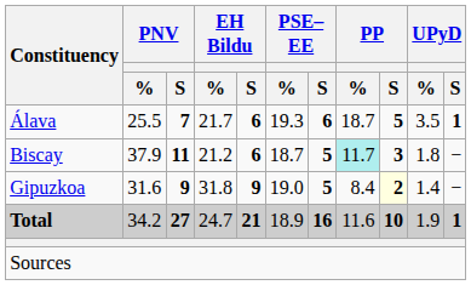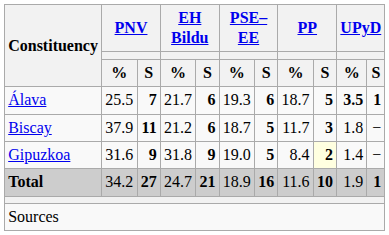 <table class="wikitable sortable" style="text-align:right; line-height:20px;">
 <tr>
 <th rowspan="3">Constituency</th>
 <th colspan="2" width="30px" class="unsortable"><a href='#'>PNV</a></th>
 <th colspan="2" width="30px" class="unsortable"><a href='#'>EH Bildu</a></th>
 <th colspan="2" width="30px" class="unsortable"><a href='#'>PSE–EE</a></th>
 <th colspan="2" width="30px" class="unsortable"><a href='#'>PP</a></th>
 <th colspan="2" width="30px" class="unsortable"><a href='#'>UPyD</a></th>
 </tr>
 <tr>
 <th colspan="2" style="background:"></th>
 <th colspan="2" style="background:"></th>
 <th colspan="2" style="background:"></th>
 <th colspan="2" style="background:"></th>
 <th colspan="2" style="background:"></th>
 </tr>
 <tr>
 <th data-sort-type="number">%</th>
 <th data-sort-type="number">S</th>
 <th data-sort-type="number">%</th>
 <th data-sort-type="number">S</th>
 <th data-sort-type="number">%</th>
 <th data-sort-type="number">S</th>
 <th data-sort-type="number">%</th>
 <th data-sort-type="number">S</th>
 <th data-sort-type="number">%</th>
 <th data-sort-type="number">S</th>
 </tr>
 <tr>
 <td align="left"><a href='#'>Álava</a></td>
 <td style="background:">25.5</td>
 <td><strong>7</strong></td>
 <td>21.7</td>
 <td><strong>6</strong></td>
 <td>19.3</td>
 <td><strong>6</strong></td>
 <td>18.7</td>
 <td><strong>5</strong></td>
-<td>3.5</td>
+<td><strong>3.5</strong></td>
 <td><strong>1</strong></td>
 </tr>
 <tr>
 <td align="left"><a href='#'>Biscay</a></td>
 <td style="background:">37.9</td>
 <td><strong>11</strong></td>
 <td>21.2</td>
 <td><strong>6</strong></td>
 <td>18.7</td>
 <td><strong>5</strong></td>
-<td style="background: paleturquoise;">11.7</td>
+<td>11.7</td>
 <td><strong>3</strong></td>
 <td>1.8</td>
 <td>−</td>
 </tr>
 <tr>
 <td align="left"><a href='#'>Gipuzkoa</a></td>
 <td>31.6</td>
 <td><strong>9</strong></td>
 <td style="background:">31.8</td>
 <td><strong>9</strong></td>
 <td>19.0</td>
 <td><strong>5</strong></td>
 <td>8.4</td>
 <td style="background: lightyellow;"><strong>2</strong></td>
 <td>1.4</td>
 <td>−</td>
 </tr>
 <tr style="background:#CDCDCD;">
 <td align="left"><strong>Total</strong></td>
 <td style="background:">34.2</td>
 <td><strong>27</strong></td>
 <td>24.7</td>
 <td><strong>21</strong></td>
 <td>18.9</td>
 <td><strong>16</strong></td>
 <td>11.6</td>
 <td><strong>10</strong></td>
 <td>1.9</td>
 <td><strong>1</strong></td>
 </tr>
 <tr>
 <th colspan="11"></th>
 </tr>
 <tr>
 <th style="text-align:left; font-weight:normal; background:#F9F9F9" colspan="11">Sources</th>
 </tr>
 </table>
